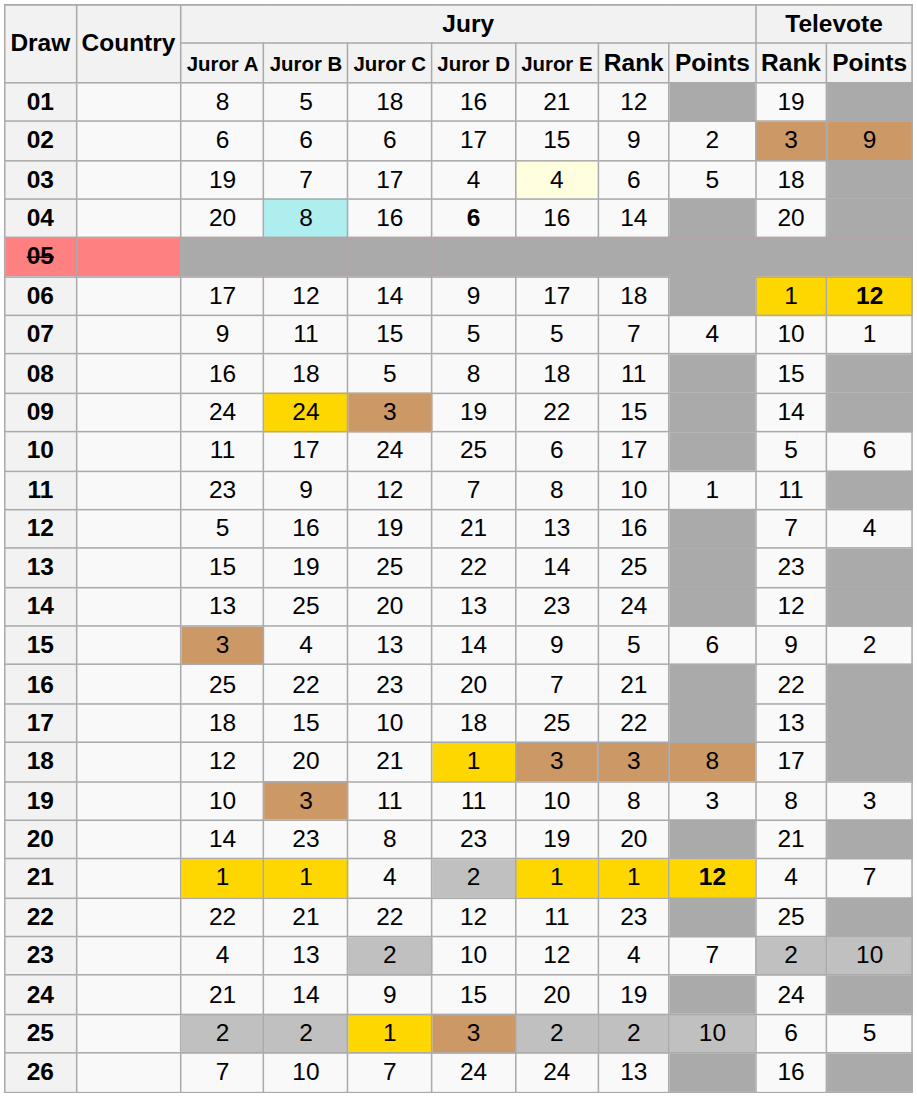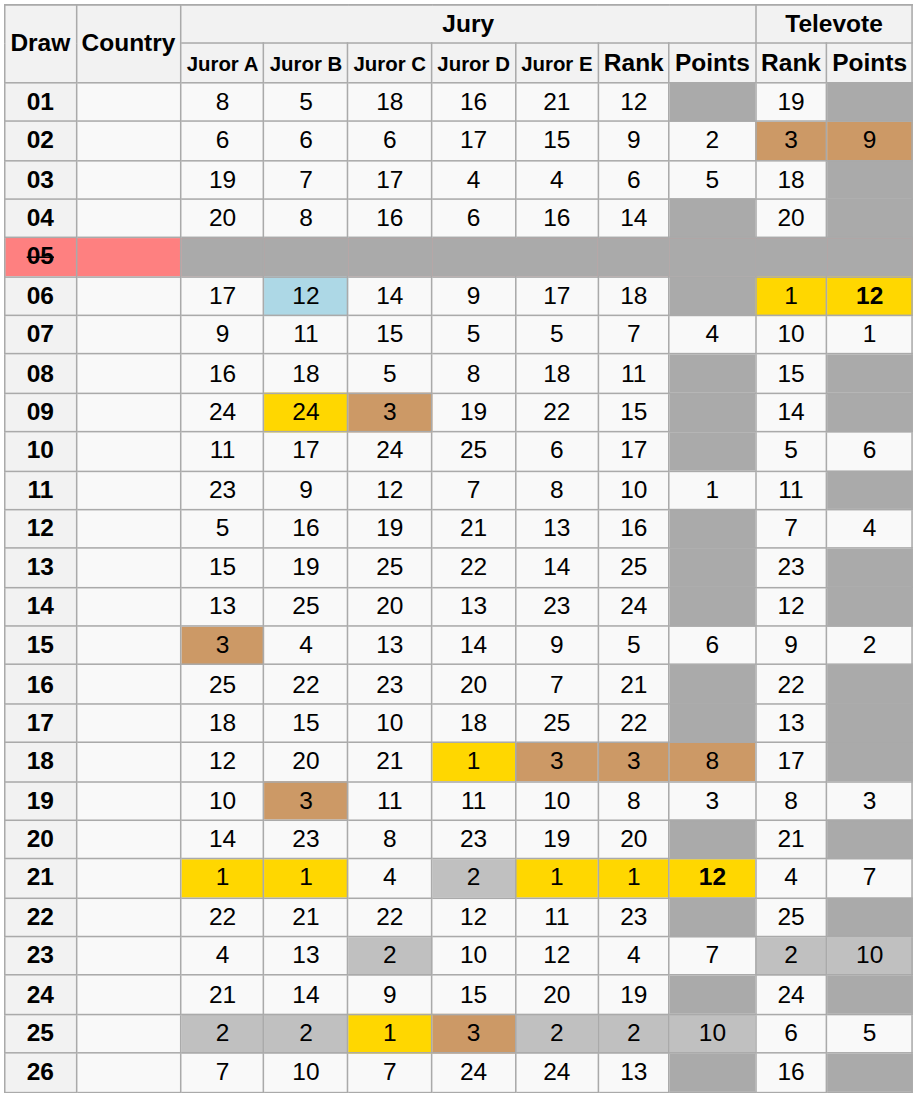 <table class="sortable wikitable collapsible plainrowheaders" style="text-align:center;">
 <tr>
 </tr>
 <tr>
 <th scope="col" rowspan="2">Draw</th>
 <th scope="col" rowspan="2">Country</th>
 <th scope="col" colspan="7">Jury</th>
 <th scope="col" colspan="2">Televote</th>
 </tr>
 <tr>
 <th scope="col"><small>Juror A</small></th>
 <th scope="col"><small>Juror B</small></th>
 <th scope="col"><small>Juror C</small></th>
 <th scope="col"><small>Juror D</small></th>
 <th scope="col"><small>Juror E</small></th>
 <th scope="col">Rank</th>
 <th scope="col" class="unsortable">Points</th>
 <th scope="col">Rank</th>
 <th scope="col" class="unsortable">Points</th>
 </tr>
 <tr>
 <th scope="row" style="text-align:center;">01</th>
 <td style="text-align:left;"></td>
 <td>8</td>
 <td>5</td>
 <td>18</td>
 <td>16</td>
 <td>21</td>
 <td>12</td>
 <td style="background:#AAAAAA;"></td>
 <td>19</td>
 <td style="background:#AAAAAA;"></td>
 </tr>
 <tr>
 <th scope="row" style="text-align:center;">02</th>
 <td style="text-align:left;"></td>
 <td>6</td>
 <td>6</td>
 <td>6</td>
 <td>17</td>
 <td>15</td>
 <td>9</td>
 <td>2</td>
 <td style="background:#CC9966;">3</td>
 <td style="background:#CC9966;">9</td>
 </tr>
 <tr>
 <th scope="row" style="text-align:center;">03</th>
 <td style="text-align:left;"></td>
 <td>19</td>
 <td>7</td>
 <td>17</td>
 <td>4</td>
-<td style="background: lightyellow;">4</td>
+<td>4</td>
 <td>6</td>
 <td>5</td>
 <td>18</td>
 <td style="background:#AAAAAA;"></td>
 </tr>
 <tr>
 <th scope="row" style="text-align:center;">04</th>
 <td style="text-align:left;"></td>
 <td>20</td>
-<td style="background: paleturquoise;">8</td>
+<td>8</td>
 <td>16</td>
-<td><strong>6</strong></td>
+<td>6</td>
 <td>16</td>
 <td>14</td>
 <td style="background:#AAAAAA;"></td>
 <td>20</td>
 <td style="background:#AAAAAA;"></td>
 </tr>
 <tr class="sortbottom" style="background:#FE8080">
 <th scope="row" style="text-align:center; background:#FE8080"><s>05</s></th>
 <td style="text-align:left;"><s></s> </td>
 <td style="background:#AAAAAA;"></td>
 <td style="background:#AAAAAA;"></td>
 <td style="background:#AAAAAA;"></td>
 <td style="background:#AAAAAA;"></td>
 <td style="background:#AAAAAA;"></td>
 <td style="background:#AAAAAA;"></td>
 <td style="background:#AAAAAA;"></td>
 <td style="background:#AAAAAA;"></td>
 <td style="background:#AAAAAA;"></td>
 </tr>
 <tr>
 <th scope="row" style="text-align:center;">06</th>
 <td style="text-align:left;"></td>
 <td>17</td>
-<td>12</td>
+<td style="background: lightblue;">12</td>
 <td>14</td>
 <td>9</td>
 <td>17</td>
 <td>18</td>
 <td style="background:#AAAAAA;"></td>
 <td style="background:gold;">1</td>
 <td style="background:gold;"><strong>12</strong></td>
 </tr>
 <tr>
 <th scope="row" style="text-align:center;">07</th>
 <td style="text-align:left;"></td>
 <td>9</td>
 <td>11</td>
 <td>15</td>
 <td>5</td>
 <td>5</td>
 <td>7</td>
 <td>4</td>
 <td>10</td>
 <td>1</td>
 </tr>
 <tr>
 <th scope="row" style="text-align:center;">08</th>
 <td style="text-align:left;"></td>
 <td>16</td>
 <td>18</td>
 <td>5</td>
 <td>8</td>
 <td>18</td>
 <td>11</td>
 <td style="background:#AAAAAA;"></td>
 <td>15</td>
 <td style="background:#AAAAAA;"></td>
 </tr>
 <tr>
 <th scope="row" style="text-align:center;">09</th>
 <td style="text-align:left;"></td>
 <td>24</td>
 <td style="background: gold;">24</td>
 <td style="background:#CC9966;">3</td>
 <td>19</td>
 <td>22</td>
 <td>15</td>
 <td style="background:#AAAAAA;"></td>
 <td>14</td>
 <td style="background:#AAAAAA;"></td>
 </tr>
 <tr>
 <th scope="row" style="text-align:center;">10</th>
 <td style="text-align:left;"></td>
 <td>11</td>
 <td>17</td>
 <td>24</td>
 <td>25</td>
 <td>6</td>
 <td>17</td>
 <td style="background:#AAAAAA;"></td>
 <td>5</td>
 <td>6</td>
 </tr>
 <tr>
 <th scope="row" style="text-align:center;">11</th>
 <td style="text-align:left;"></td>
 <td>23</td>
 <td>9</td>
 <td>12</td>
 <td>7</td>
 <td>8</td>
 <td>10</td>
 <td>1</td>
 <td>11</td>
 <td style="background:#AAAAAA;"></td>
 </tr>
 <tr>
 <th scope="row" style="text-align:center;">12</th>
 <td style="text-align:left;"></td>
 <td>5</td>
 <td>16</td>
 <td>19</td>
 <td>21</td>
 <td>13</td>
 <td>16</td>
 <td style="background:#AAAAAA;"></td>
 <td>7</td>
 <td>4</td>
 </tr>
 <tr>
 <th scope="row" style="text-align:center;">13</th>
 <td style="text-align:left;"></td>
 <td>15</td>
 <td>19</td>
 <td>25</td>
 <td>22</td>
 <td>14</td>
 <td>25</td>
 <td style="background:#AAAAAA;"></td>
 <td>23</td>
 <td style="background:#AAAAAA;"></td>
 </tr>
 <tr>
 <th scope="row" style="text-align:center;">14</th>
 <td style="text-align:left;"></td>
 <td>13</td>
 <td>25</td>
 <td>20</td>
 <td>13</td>
 <td>23</td>
 <td>24</td>
 <td style="background:#AAAAAA;"></td>
 <td>12</td>
 <td style="background:#AAAAAA;"></td>
 </tr>
 <tr>
 <th scope="row" style="text-align:center;">15</th>
 <td style="text-align:left;"></td>
 <td style="background:#CC9966;">3</td>
 <td>4</td>
 <td>13</td>
 <td>14</td>
 <td>9</td>
 <td>5</td>
 <td>6</td>
 <td>9</td>
 <td>2</td>
 </tr>
 <tr>
 <th scope="row" style="text-align:center;">16</th>
 <td style="text-align:left;"></td>
 <td>25</td>
 <td>22</td>
 <td>23</td>
 <td>20</td>
 <td>7</td>
 <td>21</td>
 <td style="background:#AAAAAA;"></td>
 <td>22</td>
 <td style="background:#AAAAAA;"></td>
 </tr>
 <tr>
 <th scope="row" style="text-align:center;">17</th>
 <td style="text-align:left;"></td>
 <td>18</td>
 <td>15</td>
 <td>10</td>
 <td>18</td>
 <td>25</td>
 <td>22</td>
 <td style="background:#AAAAAA;"></td>
 <td>13</td>
 <td style="background:#AAAAAA;"></td>
 </tr>
 <tr>
 <th scope="row" style="text-align:center;">18</th>
 <td style="text-align:left;"></td>
 <td>12</td>
 <td>20</td>
 <td>21</td>
 <td style="background:gold;">1</td>
 <td style="background:#CC9966;">3</td>
 <td style="background:#CC9966;">3</td>
 <td style="background:#CC9966;">8</td>
 <td>17</td>
 <td style="background:#AAAAAA;"></td>
 </tr>
 <tr>
 <th scope="row" style="text-align:center;">19</th>
 <td style="text-align:left;"></td>
 <td>10</td>
 <td style="background:#CC9966;">3</td>
 <td>11</td>
 <td>11</td>
 <td>10</td>
 <td>8</td>
 <td>3</td>
 <td>8</td>
 <td>3</td>
 </tr>
 <tr>
 <th scope="row" style="text-align:center;">20</th>
 <td style="text-align:left;"></td>
 <td>14</td>
 <td>23</td>
 <td>8</td>
 <td>23</td>
 <td>19</td>
 <td>20</td>
 <td style="background:#AAAAAA;"></td>
 <td>21</td>
 <td style="background:#AAAAAA;"></td>
 </tr>
 <tr>
 <th scope="row" style="text-align:center;">21</th>
 <td style="text-align:left;"></td>
 <td style="background:gold;">1</td>
 <td style="background:gold;">1</td>
 <td>4</td>
 <td style="background:silver;">2</td>
 <td style="background:gold;">1</td>
 <td style="background:gold;">1</td>
 <td style="background:gold;"><strong>12</strong></td>
 <td>4</td>
 <td>7</td>
 </tr>
 <tr>
 <th scope="row" style="text-align:center;">22</th>
 <td style="text-align:left;"></td>
 <td>22</td>
 <td>21</td>
 <td>22</td>
 <td>12</td>
 <td>11</td>
 <td>23</td>
 <td style="background:#AAAAAA;"></td>
 <td>25</td>
 <td style="background:#AAAAAA;"></td>
 </tr>
 <tr>
 <th scope="row" style="text-align:center;">23</th>
 <td style="text-align:left;"></td>
 <td>4</td>
 <td>13</td>
 <td style="background:silver;">2</td>
 <td>10</td>
 <td>12</td>
 <td>4</td>
 <td>7</td>
 <td style="background:silver;">2</td>
 <td style="background:silver;">10</td>
 </tr>
 <tr>
 <th scope="row" style="text-align:center;">24</th>
 <td style="text-align:left;"></td>
 <td>21</td>
 <td>14</td>
 <td>9</td>
 <td>15</td>
 <td>20</td>
 <td>19</td>
 <td style="background:#AAAAAA;"></td>
 <td>24</td>
 <td style="background:#AAAAAA;"></td>
 </tr>
 <tr>
 <th scope="row" style="text-align:center;">25</th>
 <td style="text-align:left;"></td>
 <td style="background:silver;">2</td>
 <td style="background:silver;">2</td>
 <td style="background:gold;">1</td>
 <td style="background:#CC9966;">3</td>
 <td style="background:silver;">2</td>
 <td style="background:silver;">2</td>
 <td style="background:silver;">10</td>
 <td>6</td>
 <td>5</td>
 </tr>
 <tr>
 <th scope="row" style="text-align:center;">26</th>
 <td style="text-align:left;"></td>
 <td>7</td>
 <td>10</td>
 <td>7</td>
 <td>24</td>
 <td>24</td>
 <td>13</td>
 <td style="background:#AAAAAA;"></td>
 <td>16</td>
 <td style="background:#AAAAAA;"></td>
 </tr>
 </table>
